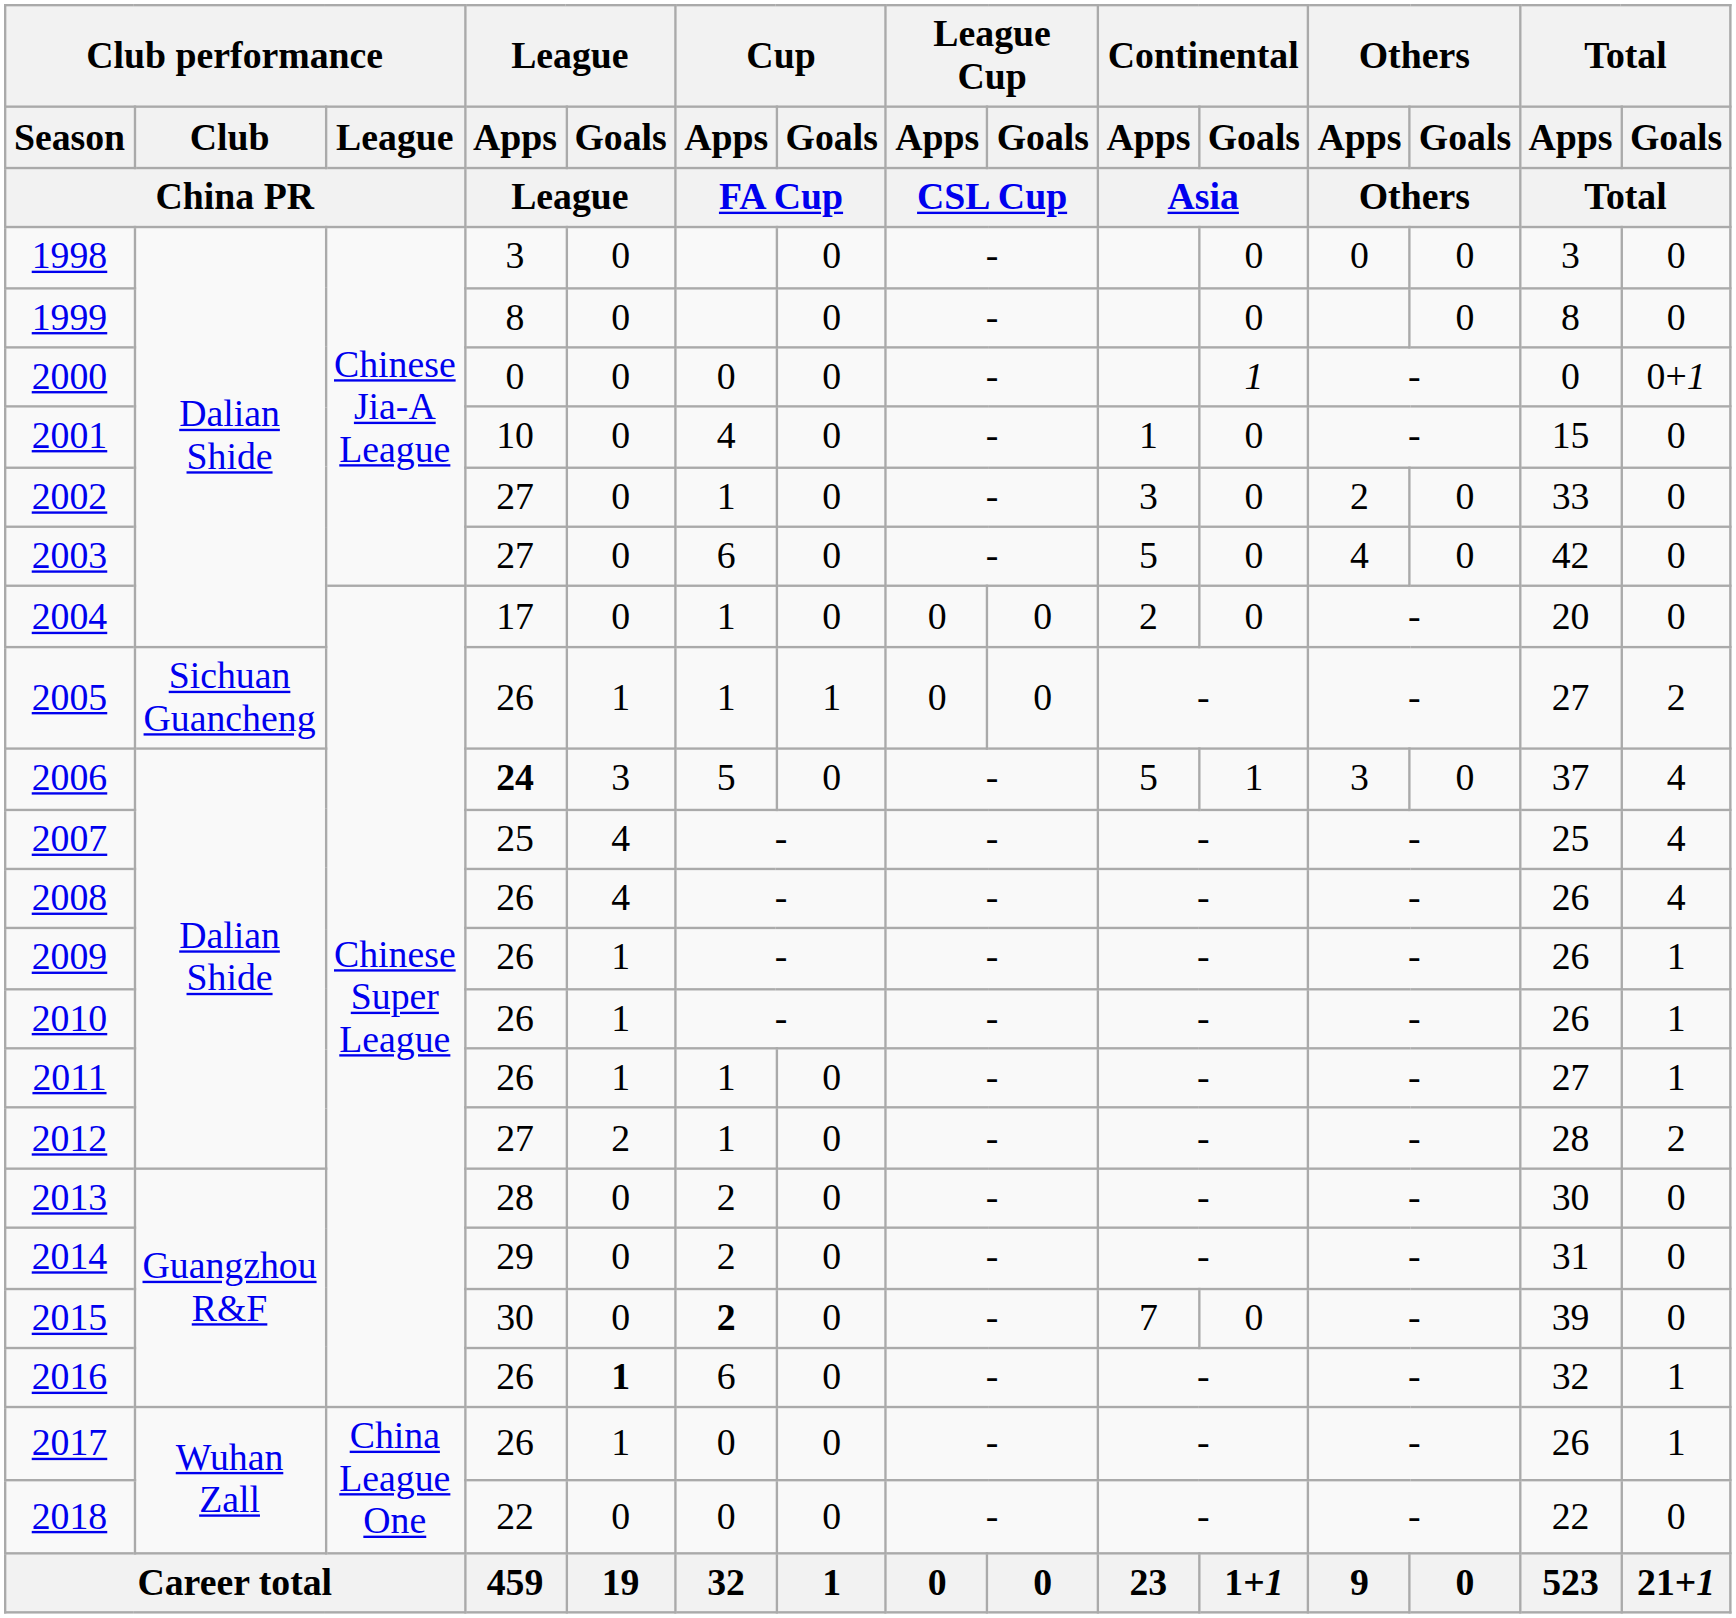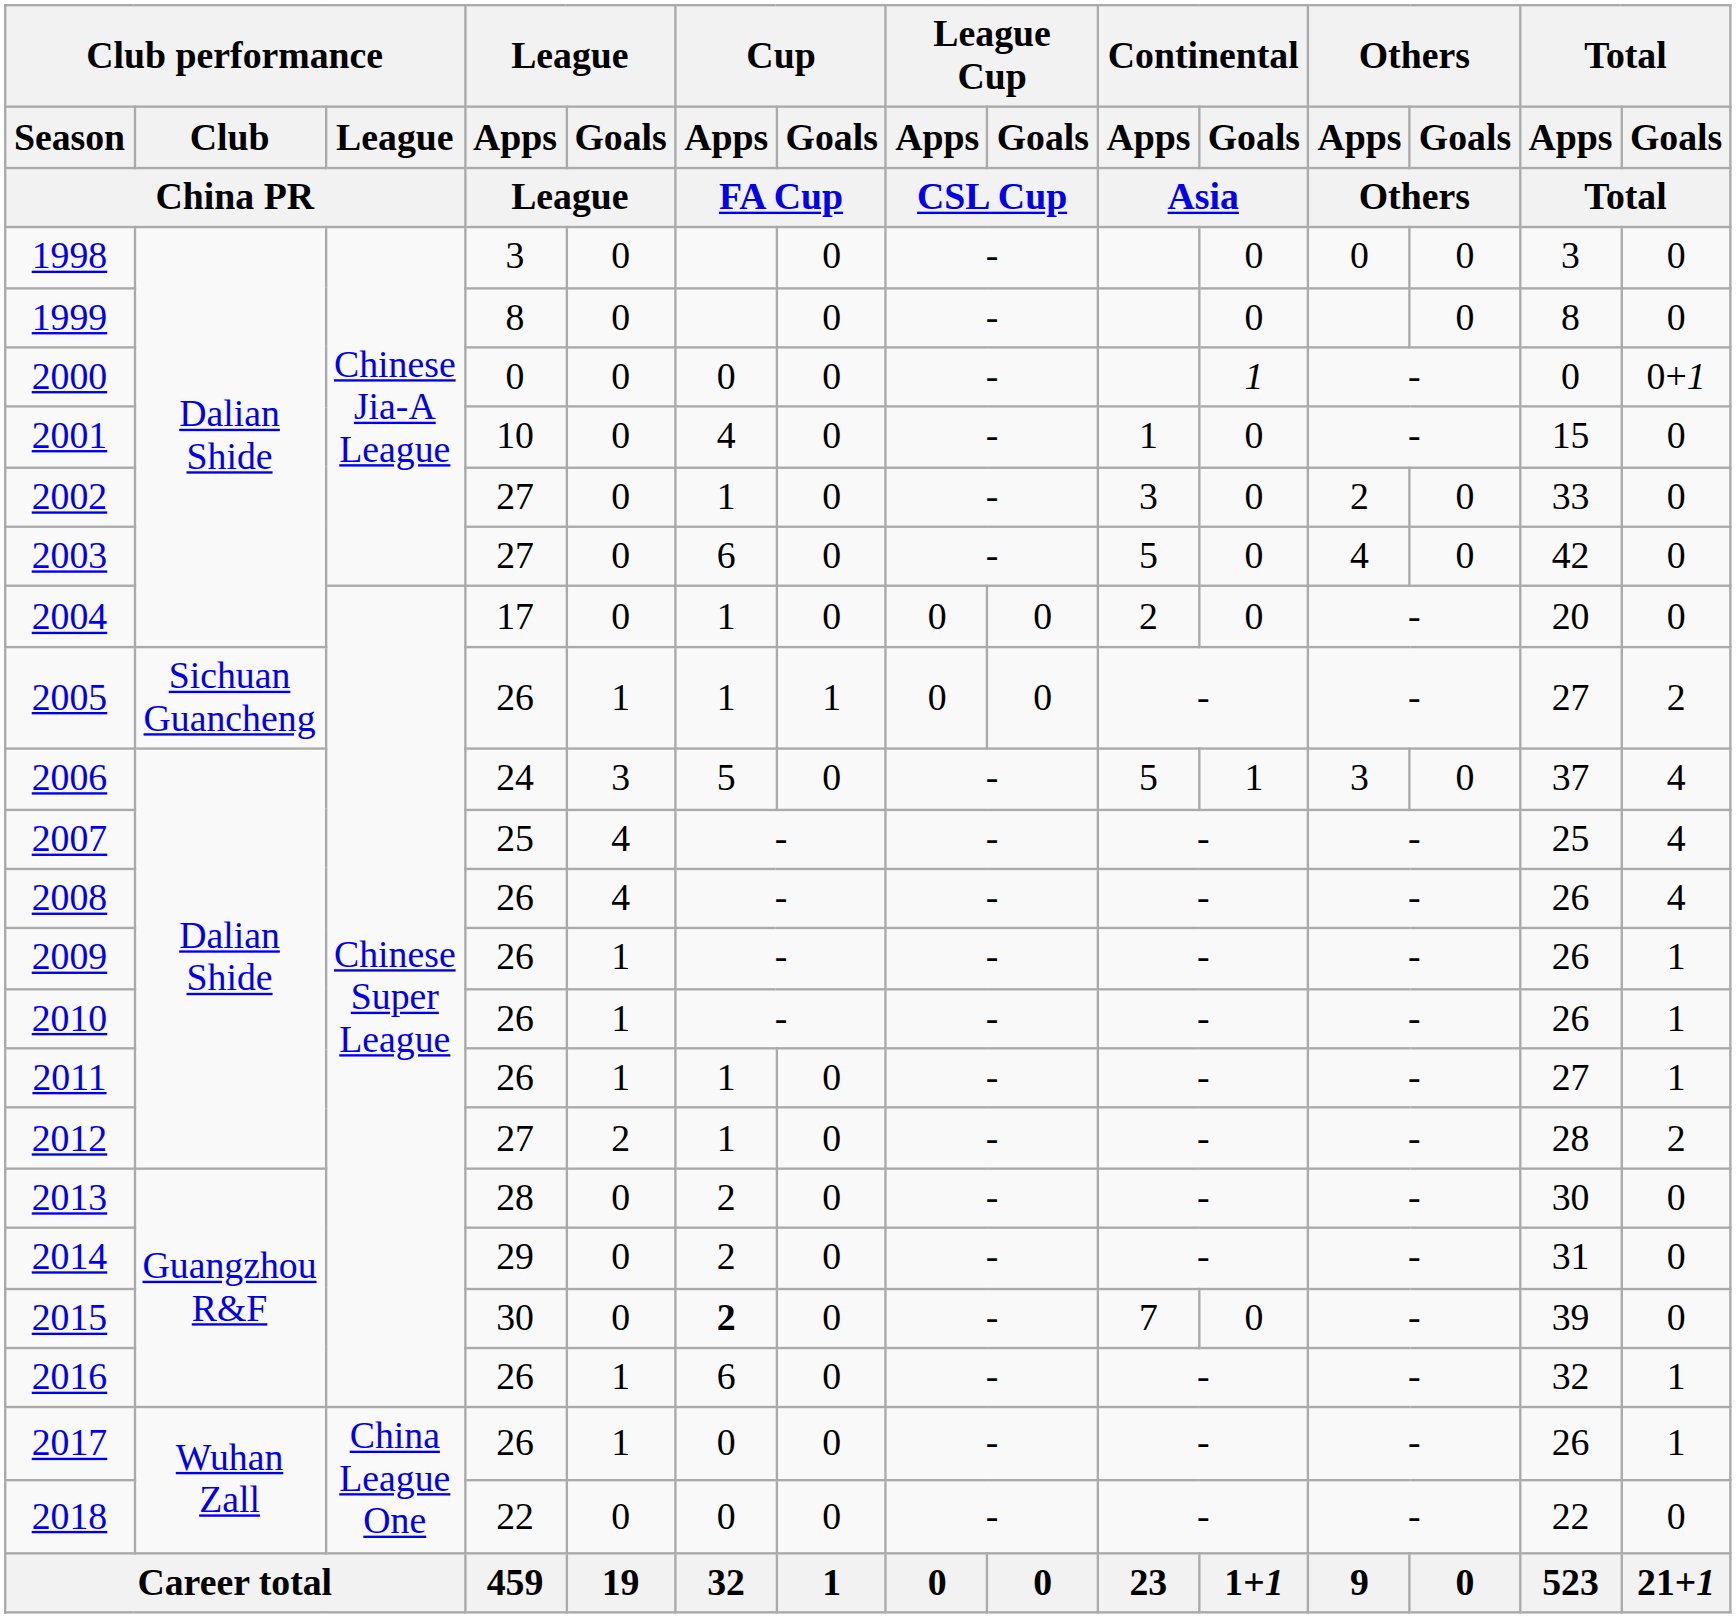 <table class="wikitable" style="text-align:center">
 <tr>
 <th colspan=3>Club performance</th>
 <th colspan=2>League</th>
 <th colspan=2>Cup</th>
 <th colspan=2>League Cup</th>
 <th colspan=2>Continental</th>
 <th colspan=2>Others</th>
 <th colspan=2>Total</th>
 </tr>
 <tr>
 <th>Season</th>
 <th>Club</th>
 <th>League</th>
 <th>Apps</th>
 <th>Goals</th>
 <th>Apps</th>
 <th>Goals</th>
 <th>Apps</th>
 <th>Goals</th>
 <th>Apps</th>
 <th>Goals</th>
 <th>Apps</th>
 <th>Goals</th>
 <th>Apps</th>
 <th>Goals</th>
 </tr>
 <tr>
 <th colspan=3>China PR</th>
 <th colspan=2>League</th>
 <th colspan=2><a href='#'>FA Cup</a></th>
 <th colspan=2><a href='#'>CSL Cup</a></th>
 <th colspan=2><a href='#'>Asia</a></th>
 <th colspan=2>Others</th>
 <th colspan=2>Total</th>
 </tr>
 <tr>
 <td><a href='#'>1998</a></td>
 <td rowspan="7"><a href='#'>Dalian Shide</a></td>
 <td rowspan="6"><a href='#'>Chinese Jia-A League</a></td>
 <td>3</td>
 <td>0</td>
 <td></td>
 <td>0</td>
 <td colspan="2">-</td>
 <td></td>
 <td>0</td>
 <td>0</td>
 <td>0</td>
 <td>3</td>
 <td>0</td>
 </tr>
 <tr>
 <td><a href='#'>1999</a></td>
 <td>8</td>
 <td>0</td>
 <td></td>
 <td>0</td>
 <td colspan="2">-</td>
 <td></td>
 <td>0</td>
 <td></td>
 <td>0</td>
 <td>8</td>
 <td>0</td>
 </tr>
 <tr>
 <td><a href='#'>2000</a></td>
 <td>0</td>
 <td>0</td>
 <td>0</td>
 <td>0</td>
 <td colspan="2">-</td>
 <td></td>
 <td><em>1</em></td>
 <td colspan="2">-</td>
 <td>0</td>
 <td>0+<em>1</em></td>
 </tr>
 <tr>
 <td><a href='#'>2001</a></td>
 <td>10</td>
 <td>0</td>
 <td>4</td>
 <td>0</td>
 <td colspan="2">-</td>
 <td>1</td>
 <td>0</td>
 <td colspan="2">-</td>
 <td>15</td>
 <td>0</td>
 </tr>
 <tr>
 <td><a href='#'>2002</a></td>
 <td>27</td>
 <td>0</td>
 <td>1</td>
 <td>0</td>
 <td colspan="2">-</td>
 <td>3</td>
 <td>0</td>
 <td>2</td>
 <td>0</td>
 <td>33</td>
 <td>0</td>
 </tr>
 <tr>
 <td><a href='#'>2003</a></td>
 <td>27</td>
 <td>0</td>
 <td>6</td>
 <td>0</td>
 <td colspan="2">-</td>
 <td>5</td>
 <td>0</td>
 <td>4</td>
 <td>0</td>
 <td>42</td>
 <td>0</td>
 </tr>
 <tr>
 <td><a href='#'>2004</a></td>
 <td rowspan="13"><a href='#'>Chinese Super League</a></td>
 <td>17</td>
 <td>0</td>
 <td>1</td>
 <td>0</td>
 <td>0</td>
 <td>0</td>
 <td>2</td>
 <td>0</td>
 <td colspan="2">-</td>
 <td>20</td>
 <td>0</td>
 </tr>
 <tr>
 <td><a href='#'>2005</a></td>
 <td><a href='#'>Sichuan Guancheng</a></td>
 <td>26</td>
 <td>1</td>
 <td>1</td>
 <td>1</td>
 <td>0</td>
 <td>0</td>
 <td colspan="2">-</td>
 <td colspan="2">-</td>
 <td>27</td>
 <td>2</td>
 </tr>
 <tr>
 <td><a href='#'>2006</a></td>
 <td rowspan="7"><a href='#'>Dalian Shide</a></td>
-<td><strong>24</strong></td>
+<td>24</td>
 <td>3</td>
 <td>5</td>
 <td>0</td>
 <td colspan="2">-</td>
 <td>5</td>
 <td>1</td>
 <td>3</td>
 <td>0</td>
 <td>37</td>
 <td>4</td>
 </tr>
 <tr>
 <td><a href='#'>2007</a></td>
 <td>25</td>
 <td>4</td>
 <td colspan="2">-</td>
 <td colspan="2">-</td>
 <td colspan="2">-</td>
 <td colspan="2">-</td>
 <td>25</td>
 <td>4</td>
 </tr>
 <tr>
 <td><a href='#'>2008</a></td>
 <td>26</td>
 <td>4</td>
 <td colspan="2">-</td>
 <td colspan="2">-</td>
 <td colspan="2">-</td>
 <td colspan="2">-</td>
 <td>26</td>
 <td>4</td>
 </tr>
 <tr>
 <td><a href='#'>2009</a></td>
 <td>26</td>
 <td>1</td>
 <td colspan="2">-</td>
 <td colspan="2">-</td>
 <td colspan="2">-</td>
 <td colspan="2">-</td>
 <td>26</td>
 <td>1</td>
 </tr>
 <tr>
 <td><a href='#'>2010</a></td>
 <td>26</td>
 <td>1</td>
 <td colspan="2">-</td>
 <td colspan="2">-</td>
 <td colspan="2">-</td>
 <td colspan="2">-</td>
 <td>26</td>
 <td>1</td>
 </tr>
 <tr>
 <td><a href='#'>2011</a></td>
 <td>26</td>
 <td>1</td>
 <td>1</td>
 <td>0</td>
 <td colspan="2">-</td>
 <td colspan="2">-</td>
 <td colspan="2">-</td>
 <td>27</td>
 <td>1</td>
 </tr>
 <tr>
 <td><a href='#'>2012</a></td>
 <td>27</td>
 <td>2</td>
 <td>1</td>
 <td>0</td>
 <td colspan="2">-</td>
 <td colspan="2">-</td>
 <td colspan="2">-</td>
 <td>28</td>
 <td>2</td>
 </tr>
 <tr>
 <td><a href='#'>2013</a></td>
 <td rowspan="4"><a href='#'>Guangzhou R&F</a></td>
 <td>28</td>
 <td>0</td>
 <td>2</td>
 <td>0</td>
 <td colspan="2">-</td>
 <td colspan="2">-</td>
 <td colspan="2">-</td>
 <td>30</td>
 <td>0</td>
 </tr>
 <tr>
 <td><a href='#'>2014</a></td>
 <td>29</td>
 <td>0</td>
 <td>2</td>
 <td>0</td>
 <td colspan="2">-</td>
 <td colspan="2">-</td>
 <td colspan="2">-</td>
 <td>31</td>
 <td>0</td>
 </tr>
 <tr>
 <td><a href='#'>2015</a></td>
 <td>30</td>
 <td>0</td>
 <td><strong>2</strong></td>
 <td>0</td>
 <td colspan="2">-</td>
 <td>7</td>
 <td>0</td>
 <td colspan="2">-</td>
 <td>39</td>
 <td>0</td>
 </tr>
 <tr>
 <td><a href='#'>2016</a></td>
 <td>26</td>
-<td><strong>1</strong></td>
+<td>1</td>
 <td>6</td>
 <td>0</td>
 <td colspan="2">-</td>
 <td colspan="2">-</td>
 <td colspan="2">-</td>
 <td>32</td>
 <td>1</td>
 </tr>
 <tr>
 <td><a href='#'>2017</a></td>
 <td rowspan="2"><a href='#'>Wuhan Zall</a></td>
 <td rowspan="2"><a href='#'>China League One</a></td>
 <td>26</td>
 <td>1</td>
 <td>0</td>
 <td>0</td>
 <td colspan="2">-</td>
 <td colspan="2">-</td>
 <td colspan="2">-</td>
 <td>26</td>
 <td>1</td>
 </tr>
 <tr>
 <td><a href='#'>2018</a></td>
 <td>22</td>
 <td>0</td>
 <td>0</td>
 <td>0</td>
 <td colspan="2">-</td>
 <td colspan="2">-</td>
 <td colspan="2">-</td>
 <td>22</td>
 <td>0</td>
 </tr>
 <tr>
 <th colspan=3>Career total</th>
 <th>459</th>
 <th>19</th>
 <th>32</th>
 <th>1</th>
 <th>0</th>
 <th>0</th>
 <th>23</th>
 <th>1+<em>1</em></th>
 <th>9</th>
 <th>0</th>
 <th>523</th>
 <th>21+<em>1</em></th>
 </tr>
 </table>
